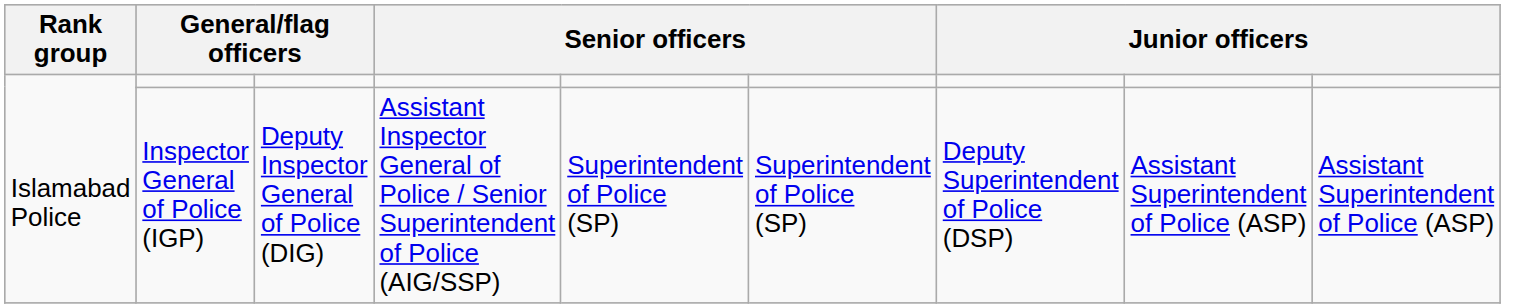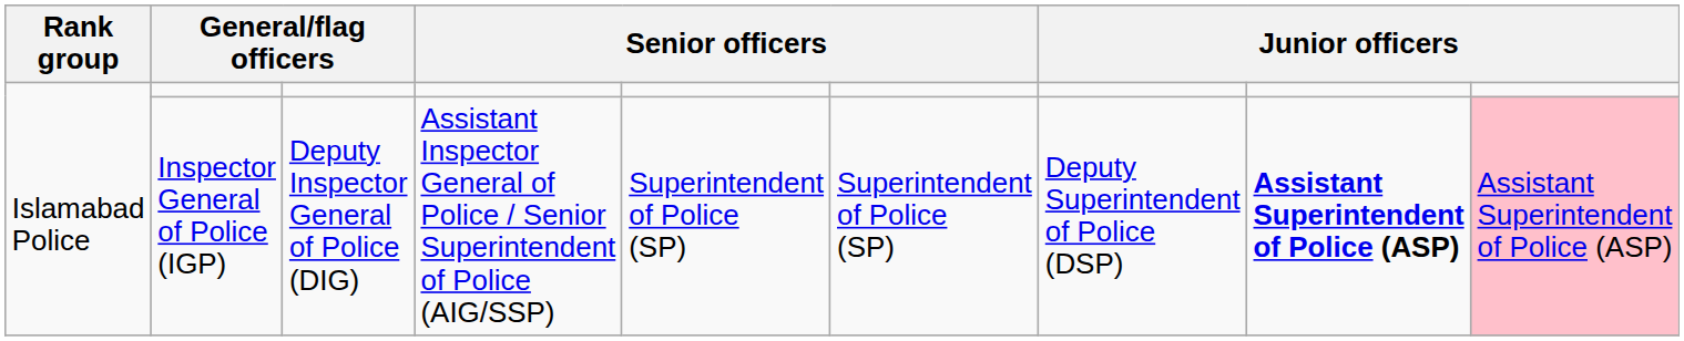 <table class="wikitable">
 <tr>
 <th>Rank group</th>
 <th colspan="2">General/flag officers</th>
 <th colspan="3">Senior officers</th>
 <th colspan="3">Junior officers</th>
 </tr>
 <tr>
 <td rowspan="2"><br>Islamabad  Police</td>
 <td></td>
 <td></td>
 <td></td>
 <td></td>
 <td></td>
 <td></td>
 <td></td>
 <td></td>
 </tr>
 <tr>
 <td><a href='#'>Inspector General of Police</a><br>(IGP)</td>
 <td><a href='#'>Deputy Inspector General of Police</a><br>(DIG)</td>
 <td><a href='#'>Assistant Inspector General of Police / Senior Superintendent of Police</a><br>(AIG/SSP)</td>
 <td><a href='#'>Superintendent of Police</a><br>(SP)</td>
 <td><a href='#'>Superintendent of Police</a><br>(SP)</td>
 <td><a href='#'>Deputy Superintendent of Police</a><br>(DSP)</td>
-<td><a href='#'>Assistant Superintendent of Police</a>                   (ASP)</td>
-<td><a href='#'>Assistant Superintendent of Police</a> (ASP)</td>
+<td><strong><a href='#'>Assistant Superintendent of Police</a>                   (ASP)</strong></td>
+<td style="background: pink;"><a href='#'>Assistant Superintendent of Police</a> (ASP)</td>
 </tr>
 </table>
